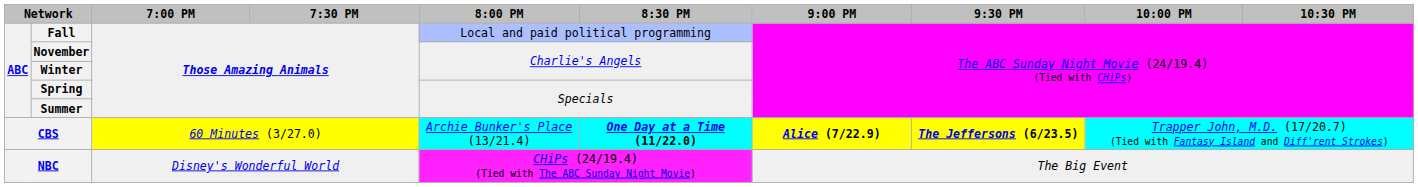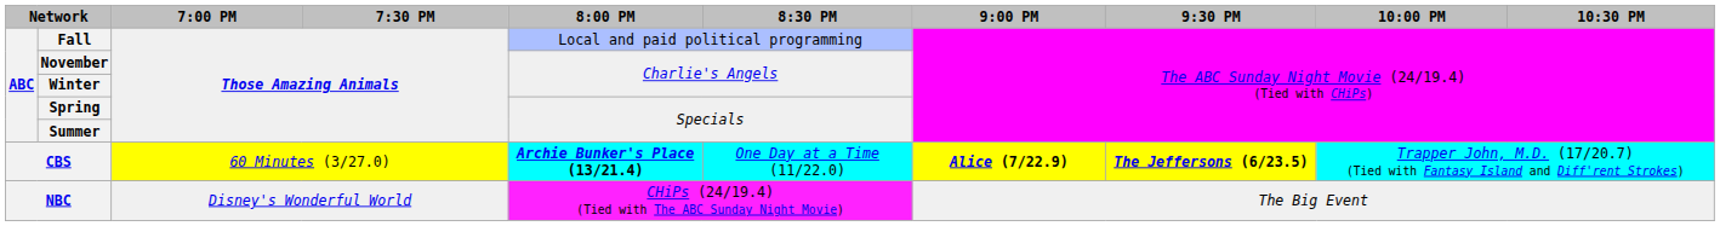 <table class="wikitable plainrowheaders" style="width:100%; margin:auto; text-align:center;">
 <tr>
 <th colspan="2" style="background-color:#C0C0C0;text-align:center">Network</th>
 <th width="12%" style="background-color:#C0C0C0;text-align:center">7:00 PM</th>
 <th width="13%" style="background-color:#C0C0C0;text-align:center">7:30 PM</th>
 <th width="12%" style="background-color:#C0C0C0;text-align:center">8:00 PM</th>
 <th width="13%" style="background-color:#C0C0C0;text-align:center">8:30 PM</th>
 <th width="12%" style="background-color:#C0C0C0;text-align:center">9:00 PM</th>
 <th width="13%" style="background-color:#C0C0C0;text-align:center">9:30 PM</th>
 <th width="12%" style="background-color:#C0C0C0;text-align:center">10:00 PM</th>
 <th width="13%" style="background-color:#C0C0C0;text-align:center">10:30 PM</th>
 </tr>
 <tr>
 <th rowspan="5" bgcolor="#C0C0C0"><a href='#'>ABC</a></th>
 <th>Fall</th>
 <td colspan="2" rowspan="5" bgcolor="#F0F0F0"><strong><em><a href='#'>Those Amazing Animals</a></em></strong></td>
 <td bgcolor="#abbfff" colspan="2">Local and paid political programming</td>
 <td colspan="4" rowspan="5" bgcolor="#FF00FF"><em><a href='#'>The ABC Sunday Night Movie</a></em> (24/19.4)<br><small>(Tied with <em><a href='#'>CHiPs</a></em>)</small></td>
 </tr>
 <tr>
 <th>November</th>
 <td bgcolor="#F0F0F0" colspan="2" rowspan="2"><em><a href='#'>Charlie's Angels</a></em></td>
 </tr>
 <tr>
 <th>Winter</th>
 </tr>
 <tr>
 <th>Spring</th>
 <td bgcolor="#F0F0F0" colspan="2" rowspan="2"><em>Specials</em></td>
 </tr>
 <tr>
 <th>Summer</th>
 </tr>
 <tr>
 <th bgcolor="#C0C0C0" colspan="2"><a href='#'>CBS</a></th>
 <td bgcolor="#FFFF00" colspan="2"><em><a href='#'>60 Minutes</a></em> (3/27.0)</td>
-<td bgcolor="#00FFFF"><em><a href='#'>Archie Bunker's Place</a></em> (13/21.4)</td>
-<td bgcolor="#00FFFF"><strong><em><a href='#'>One Day at a Time</a></em> (11/22.0)</strong></td>
+<td bgcolor="#00FFFF"><strong><em><a href='#'>Archie Bunker's Place</a></em> (13/21.4)</strong></td>
+<td bgcolor="#00FFFF"><em><a href='#'>One Day at a Time</a></em> (11/22.0)</td>
 <td bgcolor="#FFFF00"><strong><em><a href='#'>Alice</a></em> (7/22.9)</strong></td>
 <td bgcolor="#FFFF00"><strong><em><a href='#'>The Jeffersons</a></em> (6/23.5)</strong></td>
 <td bgcolor="#00FFFF" colspan="2"><em><a href='#'>Trapper John, M.D.</a></em> (17/20.7)<br><small>(Tied with <em><a href='#'>Fantasy Island</a></em> and <em><a href='#'>Diff'rent Strokes</a></em>)</small></td>
 </tr>
 <tr>
 <th bgcolor="#C0C0C0" colspan="2"><a href='#'>NBC</a></th>
 <td bgcolor="#F0F0F0" colspan="2"><em><a href='#'>Disney's Wonderful World</a></em></td>
 <td bgcolor="#FF22FF" colspan="2"><em><a href='#'>CHiPs</a></em> (24/19.4)<br><small>(Tied with <a href='#'>The ABC Sunday Night Movie</a>)</small></td>
 <td bgcolor="#F0F0F0" colspan="4"><em>The Big Event</em></td>
 </tr>
 </table>
